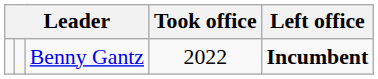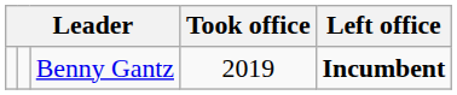 <table class="wikitable" style="text-align: center;">
 <tr>
 <th colspan="3">Leader</th>
 <th>Took office</th>
 <th>Left office</th>
 </tr>
 <tr>
 <td style="background: "></td>
 <td></td>
 <td><a href='#'>Benny Gantz</a></td>
-<td>2022</td>
+<td>2019</td>
 <td><strong>Incumbent</strong></td>
 </tr>
 </table>
